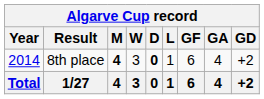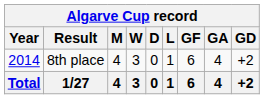 <table class="wikitable" style="text-align: center;font-size:95%;">
 <tr>
 <th colspan=9> <a href='#'>Algarve Cup</a> record</th>
 </tr>
 <tr>
 <th>Year</th>
 <th>Result</th>
 <th>M</th>
 <th>W</th>
 <th>D</th>
 <th>L</th>
 <th>GF</th>
 <th>GA</th>
 <th>GD</th>
 </tr>
 <tr>
 <td><a href='#'>2014</a></td>
 <td>8th place</td>
-<td><strong>4</strong></td>
+<td>4</td>
 <td>3</td>
-<td><strong>0</strong></td>
+<td>0</td>
 <td>1</td>
 <td>6</td>
 <td>4</td>
 <td>+2</td>
 </tr>
 <tr class=sortbottom style="font-weight:bold;">
 <th><a href='#'>Total</a></th>
 <th>1/27</th>
 <th>4</th>
 <th>3</th>
 <th>0</th>
 <th>1</th>
 <th>6</th>
 <th>4</th>
 <th>+2</th>
 </tr>
 </table>
